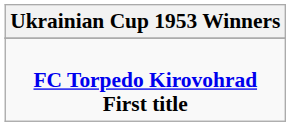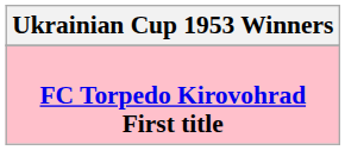 <table class="wikitable" style="text-align: center; margin: 0 auto;">
 <tr>
 <th>Ukrainian Cup 1953 Winners</th>
 </tr>
 <tr>
 </tr>
 <tr>
-<td><br><strong><a href='#'>FC Torpedo Kirovohrad</a></strong><br><strong>First title</strong></td>
+<td style="background: pink;"><br><strong><a href='#'>FC Torpedo Kirovohrad</a></strong><br><strong>First title</strong></td>
 </tr>
 </table>
